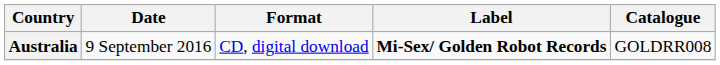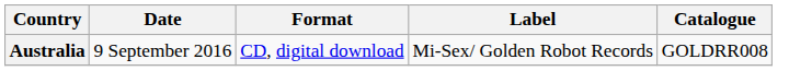 <table class="wikitable plainrowheaders">
 <tr>
 <th scope="col">Country</th>
 <th scope="col">Date</th>
 <th scope="col">Format</th>
 <th scope="col">Label</th>
 <th scope="col">Catalogue</th>
 </tr>
 <tr>
 <th scope="row">Australia</th>
 <td>9 September 2016</td>
 <td><a href='#'>CD</a>, <a href='#'>digital download</a></td>
-<td><strong>Mi-Sex/ Golden Robot Records</strong></td>
+<td>Mi-Sex/ Golden Robot Records</td>
 <td>GOLDRR008</td>
 </tr>
 <tr>
 </tr>
 </table>
